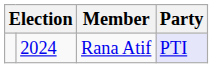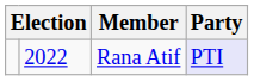 <table class="wikitable">
 <tr>
 <th colspan="2">Election</th>
 <th>Member</th>
 <th>Party</th>
 </tr>
 <tr>
 <td style="background-color: "></td>
-<td><a href='#'>2024</a></td>
+<td><a href='#'>2022</a></td>
 <td><a href='#'>Rana Atif</a></td>
 <td style="background: lavender;"><a href='#'>PTI</a></td>
 </tr>
 </table>
